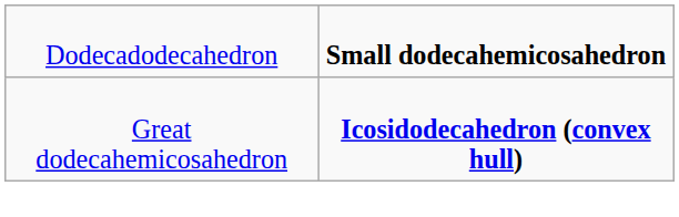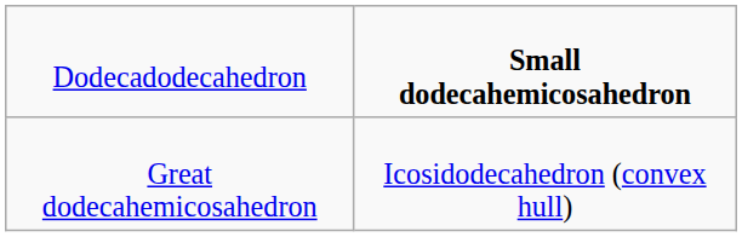 <table class="wikitable" width="400" style="vertical-align:top;text-align:center">
 <tr>
 <td align=center><br><a href='#'>Dodecadodecahedron</a></td>
 <td align=center><br><strong>Small dodecahemicosahedron</strong></td>
 </tr>
 <tr>
 <td align=center><br><a href='#'>Great dodecahemicosahedron</a></td>
-<td align=center><strong><br><a href='#'>Icosidodecahedron</a> (<a href='#'>convex hull</a>)</strong></td>
+<td align=center><br><a href='#'>Icosidodecahedron</a> (<a href='#'>convex hull</a>)</td>
 </tr>
 </table>
